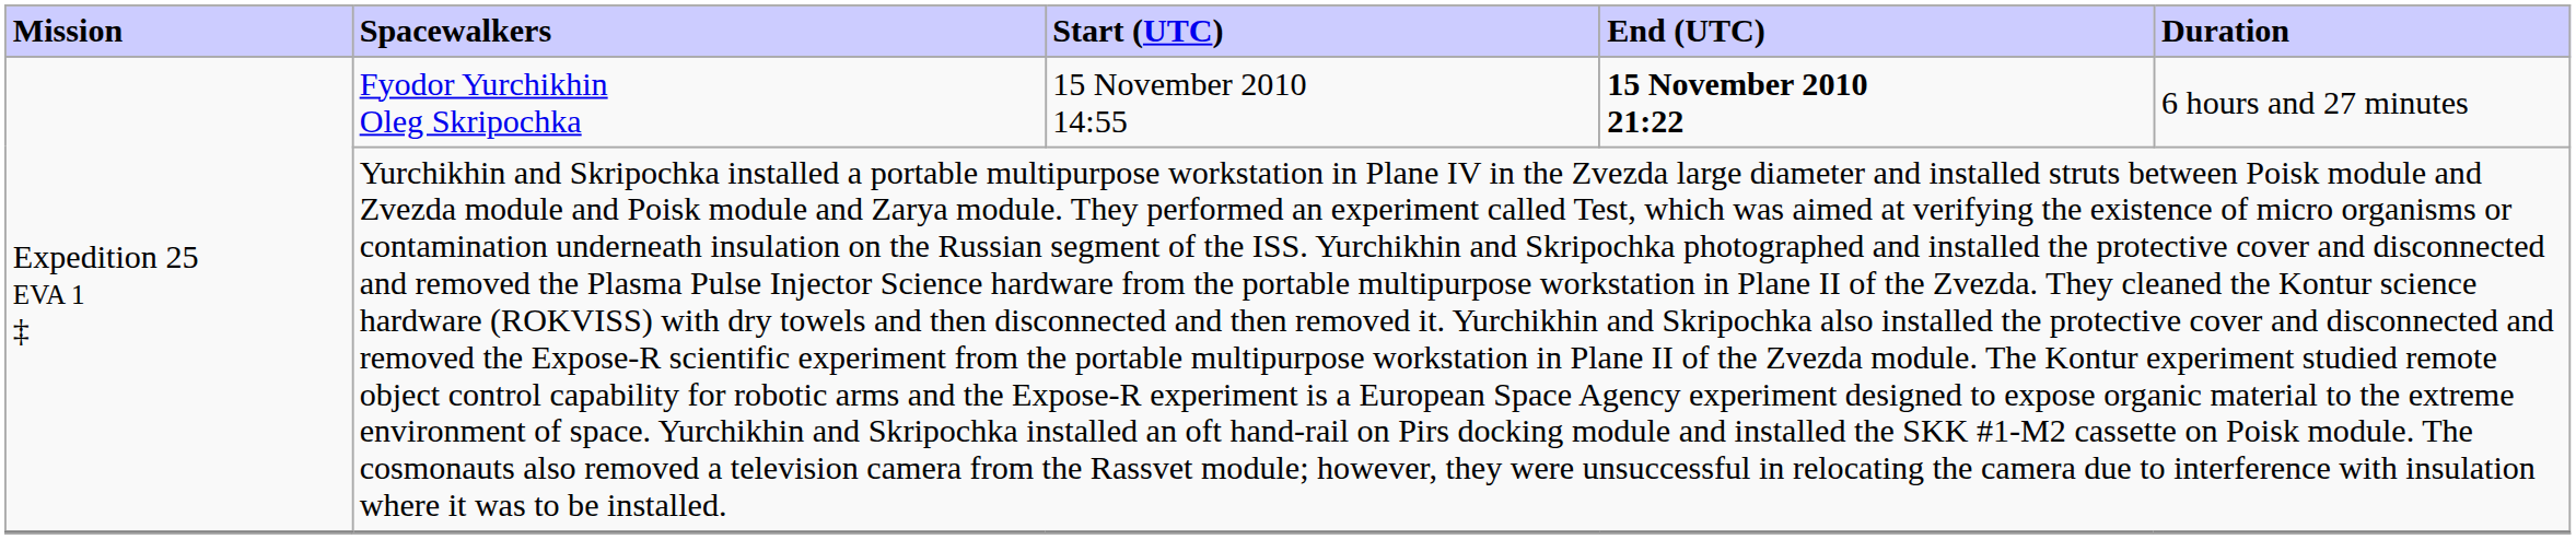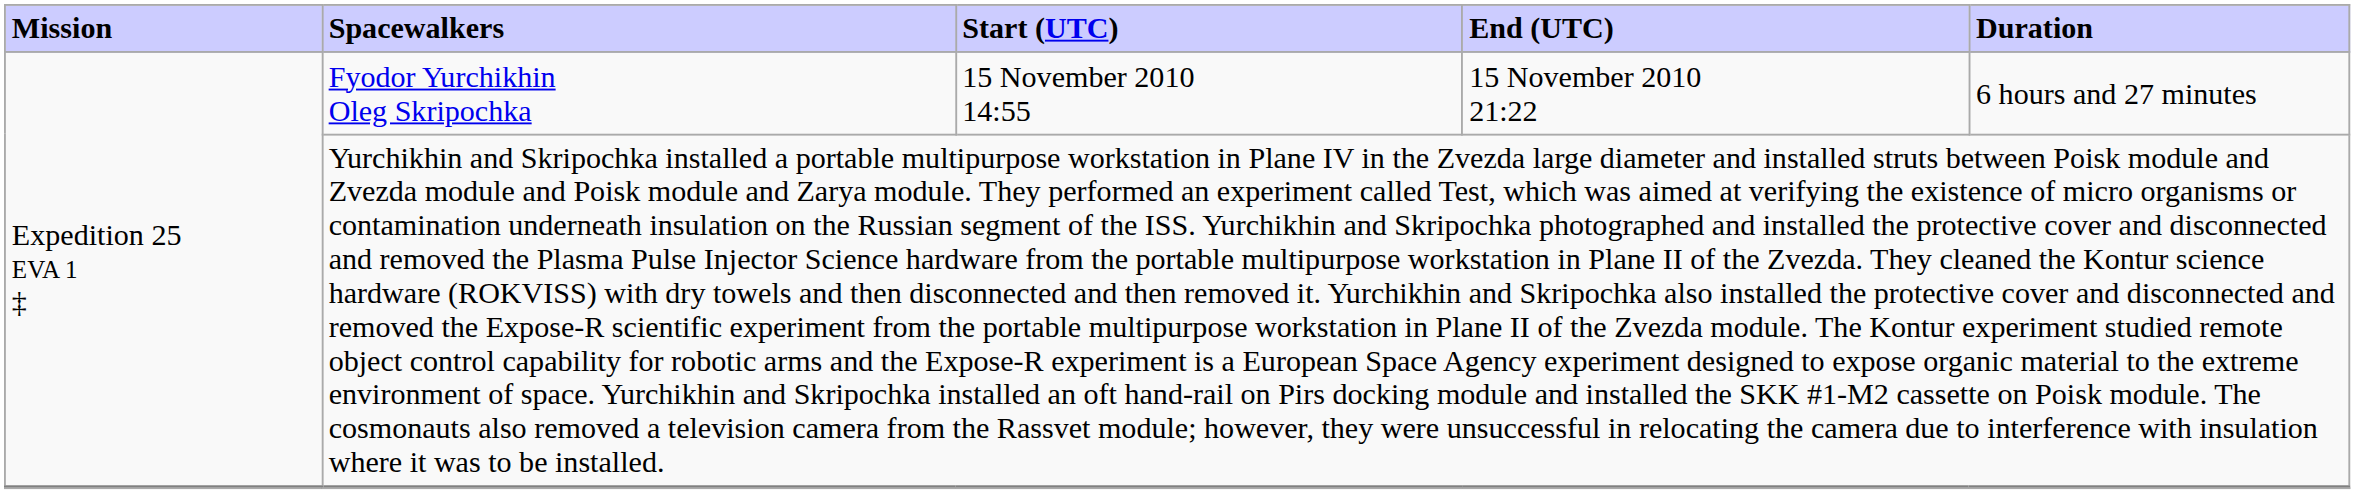 <table class="wikitable">
 <tr>
 <th width="10%" style="background:#ccccff;color:black;text-align:left"><strong>Mission</strong></th>
 <th width="20%" style="background:#ccccff;color:black;text-align:left"><strong>Spacewalkers</strong></th>
 <th width="16%" style="background:#ccccff;color:black;text-align:left"><strong>Start (<a href='#'>UTC</a>)</strong></th>
 <th width="16%" style="background:#ccccff;color:black;text-align:left"><strong>End (UTC)</strong></th>
 <th width="12%" style="background:#ccccff;color:black;text-align:left"><strong>Duration</strong></th>
 </tr>
 <tr>
 <td rowspan=2 style="border-bottom:2px solid grey;">Expedition 25<br><small>EVA 1</small><br>‡</td>
 <td><a href='#'>Fyodor Yurchikhin</a><br><a href='#'>Oleg Skripochka</a></td>
 <td>15 November 2010<br> 14:55</td>
-<td><strong>15 November 2010<br> 21:22</strong></td>
+<td>15 November 2010<br> 21:22</td>
 <td>6 hours and 27 minutes</td>
 </tr>
 <tr>
 <td colspan=4 style="border-bottom:2px solid grey;">Yurchikhin and Skripochka installed a portable multipurpose workstation in Plane IV in the Zvezda large diameter and installed struts between Poisk module and Zvezda module and Poisk module and Zarya module. They performed an experiment called Test, which was aimed at verifying the existence of micro organisms or contamination underneath insulation on the Russian segment of the ISS. Yurchikhin and Skripochka photographed and installed the protective cover and disconnected and removed the Plasma Pulse Injector Science hardware from the portable multipurpose workstation in Plane II of the Zvezda. They cleaned the Kontur science hardware (ROKVISS) with dry towels and then disconnected and then removed it. Yurchikhin and Skripochka also installed the protective cover and disconnected and removed the Expose-R scientific experiment from the portable multipurpose workstation in Plane II of the Zvezda module. The Kontur experiment studied remote object control capability for robotic arms and the Expose-R experiment is a European Space Agency experiment designed to expose organic material to the extreme environment of space. Yurchikhin and Skripochka installed an oft hand-rail on Pirs docking module and installed the SKK #1-M2 cassette on Poisk module. The cosmonauts also removed a television camera from the Rassvet module; however, they were unsuccessful in relocating the camera due to interference with insulation where it was to be installed.</td>
 </tr>
 <tr>
 </tr>
 </table>
